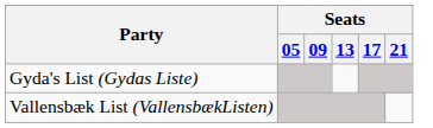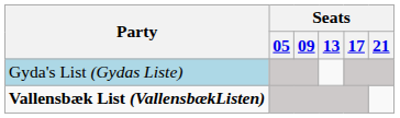 <table class="wikitable">
 <tr>
 <th rowspan=2>Party</th>
 <th colspan=11>Seats</th>
 </tr>
 <tr>
 <th><a href='#'>05</a></th>
 <th><a href='#'>09</a></th>
 <th><a href='#'>13</a></th>
 <th><a href='#'>17</a></th>
 <th><a href='#'>21</a></th>
 </tr>
 <tr>
-<td>Gyda's List <em>(Gydas Liste)</em></td>
+<td style="background: lightblue;">Gyda's List <em>(Gydas Liste)</em></td>
 <td style="background:#CDC9C9;" colspan=2></td>
 <td></td>
 <td style="background:#CDC9C9;" colspan=2></td>
 </tr>
 <tr>
-<td>Vallensbæk List <em>(VallensbækListen)</em></td>
+<td><strong>Vallensbæk List <em>(VallensbækListen)</em></strong></td>
 <td style="background:#CDC9C9;" colspan=4></td>
 <td></td>
 </tr>
 </table>
